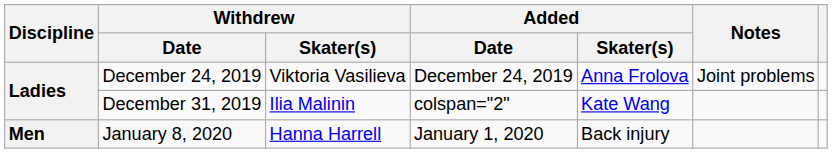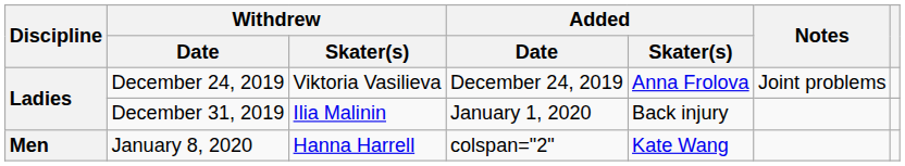 <table class="wikitable unsortable">
 <tr>
 <th scope="col" rowspan=2>Discipline</th>
 <th scope="col" colspan=2>Withdrew</th>
 <th scope="col" colspan=2>Added</th>
 <th scope="col" rowspan=2>Notes</th>
 <th scope="col" rowspan=2></th>
 </tr>
 <tr>
 <th>Date</th>
 <th>Skater(s)</th>
 <th>Date</th>
 <th>Skater(s)</th>
 </tr>
 <tr>
 <th scope="row" style="text-align:left" rowspan="2">Ladies</th>
 <td>December 24, 2019</td>
 <td> Viktoria Vasilieva</td>
 <td>December 24, 2019</td>
 <td> <a href='#'>Anna Frolova</a></td>
 <td>Joint problems</td>
 <td></td>
 </tr>
 <tr>
 <td>December 31, 2019</td>
 <td> <a href='#'>Ilia Malinin</a></td>
-<td>colspan="2" </td>
-<td> <a href='#'>Kate Wang</a></td>
+<td>January 1, 2020</td>
+<td>Back injury</td>
 <td></td>
 <td></td>
 </tr>
 <tr>
 <th scope="row" style="text-align:left">Men</th>
 <td>January 8, 2020</td>
 <td> <a href='#'>Hanna Harrell</a></td>
-<td>January 1, 2020</td>
-<td>Back injury</td>
+<td>colspan="2" </td>
+<td> <a href='#'>Kate Wang</a></td>
 <td></td>
 </tr>
 </table>
